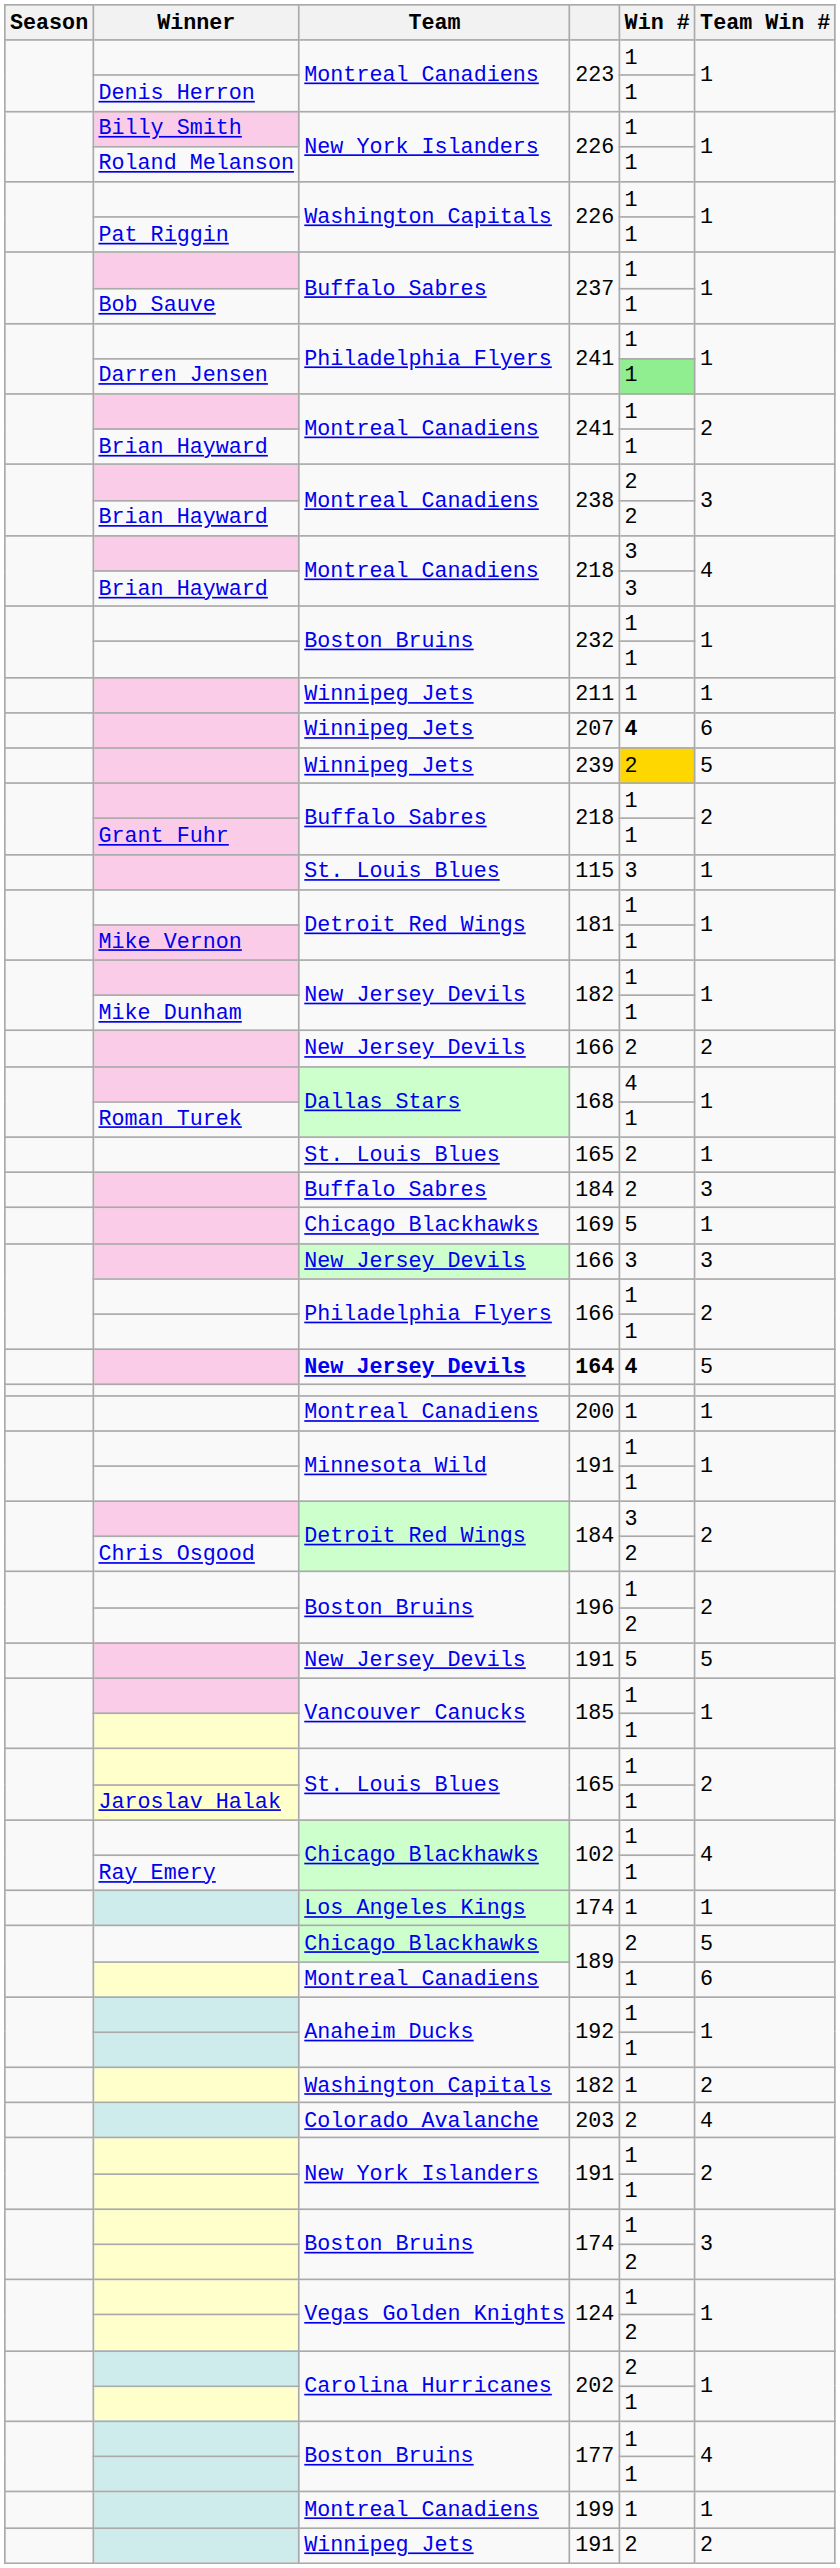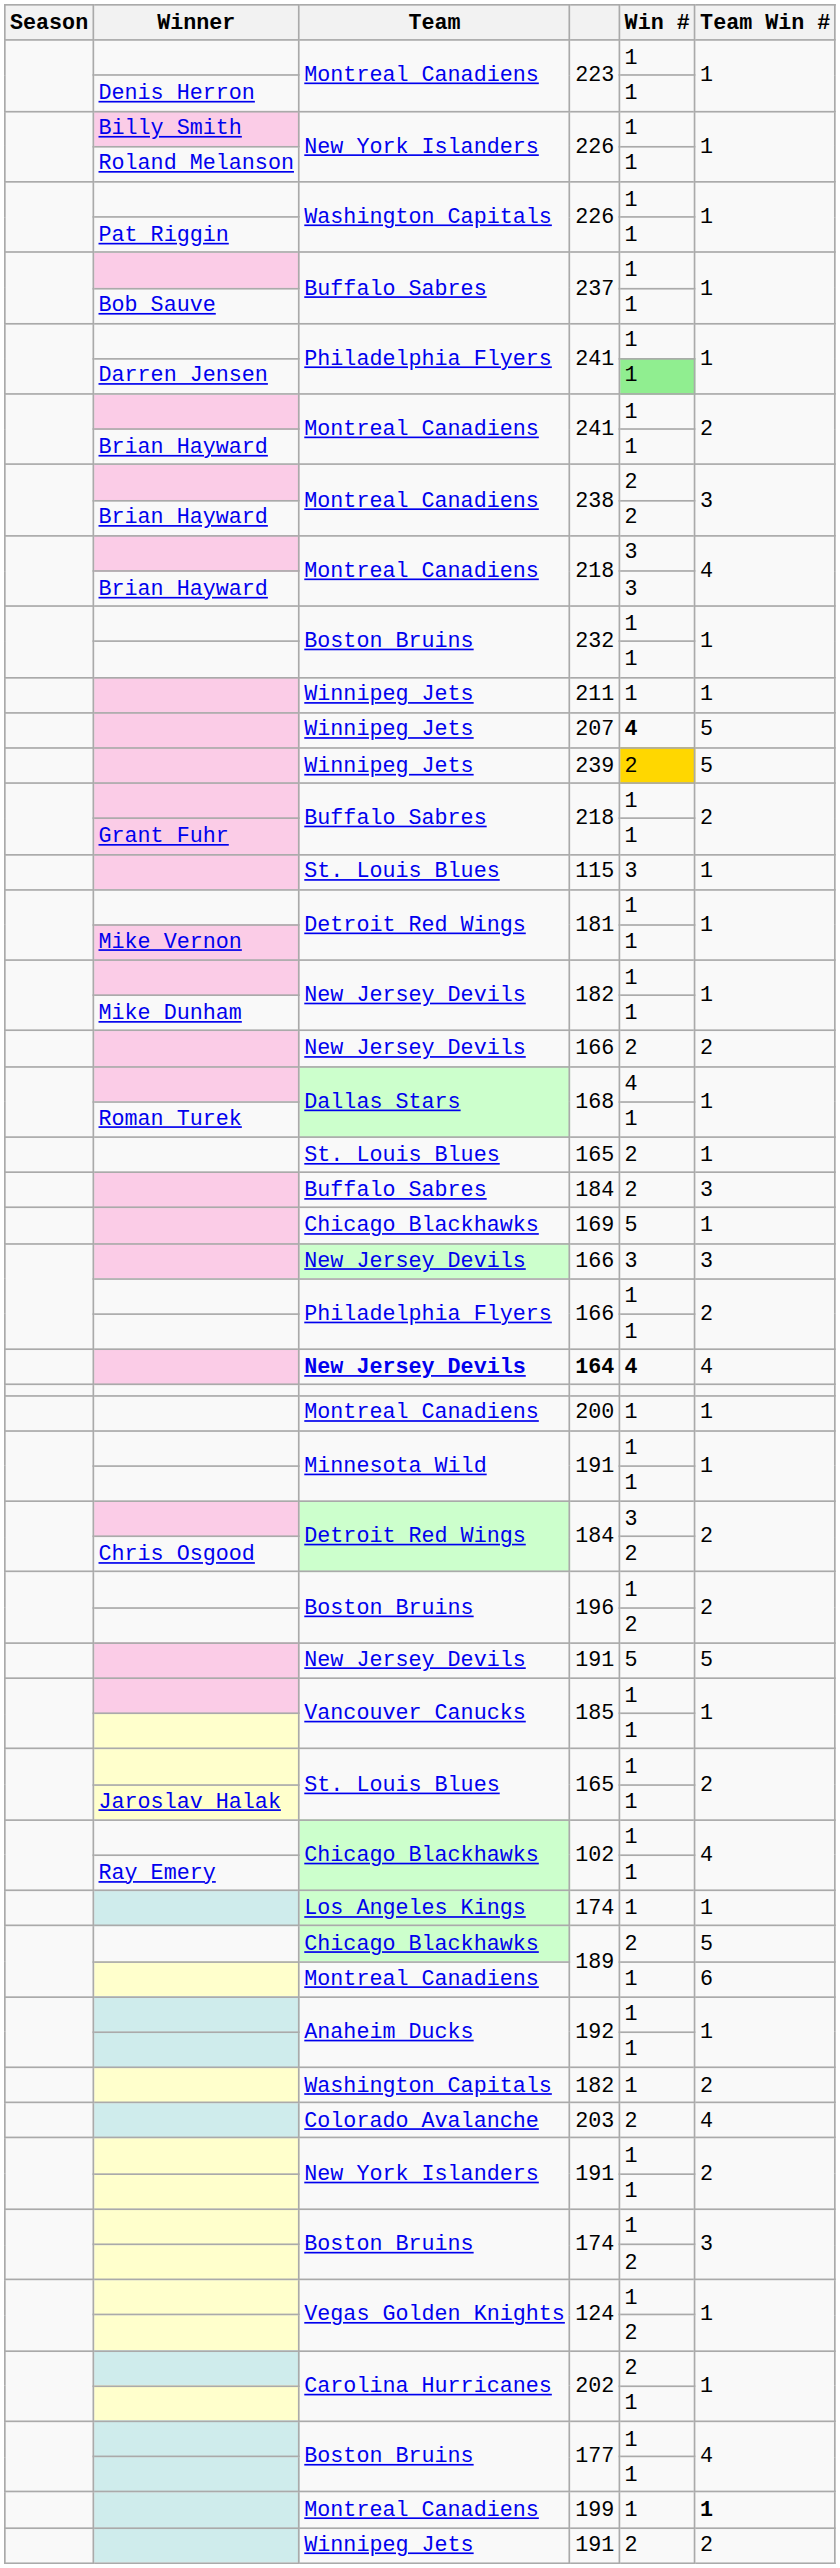 <table class="wikitable sortable">
 <tr>
 <th scope="col">Season</th>
 <th scope="col">Winner</th>
 <th scope="col">Team</th>
 <th scope="col"></th>
 <th scope="col">Win #</th>
 <th scope="col">Team Win #</th>
 </tr>
 <tr>
 <td rowspan=2></td>
 <td></td>
 <td rowspan=2><a href='#'>Montreal Canadiens</a></td>
 <td rowspan=2>223</td>
 <td>1</td>
 <td rowspan="2">1</td>
 </tr>
 <tr>
 <td><a href='#'>Denis Herron</a></td>
 <td>1</td>
 </tr>
 <tr>
 <td rowspan=2></td>
 <td bgcolor="#FBCCE7"><a href='#'>Billy Smith</a></td>
 <td rowspan=2><a href='#'>New York Islanders</a></td>
 <td rowspan=2>226</td>
 <td>1</td>
 <td rowspan="2">1</td>
 </tr>
 <tr>
 <td><a href='#'>Roland Melanson</a></td>
 <td>1</td>
 </tr>
 <tr>
 <td rowspan=2></td>
 <td></td>
 <td rowspan=2><a href='#'>Washington Capitals</a></td>
 <td rowspan=2>226</td>
 <td>1</td>
 <td rowspan="2">1</td>
 </tr>
 <tr>
 <td><a href='#'>Pat Riggin</a></td>
 <td>1</td>
 </tr>
 <tr>
 <td rowspan=2></td>
 <td bgcolor="#FBCCE7"></td>
 <td rowspan=2><a href='#'>Buffalo Sabres</a></td>
 <td rowspan=2>237</td>
 <td>1</td>
 <td rowspan="2">1</td>
 </tr>
 <tr>
 <td><a href='#'>Bob Sauve</a></td>
 <td>1</td>
 </tr>
 <tr>
 <td rowspan=2></td>
 <td></td>
 <td rowspan=2><a href='#'>Philadelphia Flyers</a></td>
 <td rowspan=2>241</td>
 <td>1</td>
 <td rowspan="2">1</td>
 </tr>
 <tr>
 <td><a href='#'>Darren Jensen</a></td>
 <td style="background: lightgreen;">1</td>
 </tr>
 <tr>
 <td rowspan=2></td>
 <td bgcolor="#FBCCE7"></td>
 <td rowspan=2><a href='#'>Montreal Canadiens</a></td>
 <td rowspan=2>241</td>
 <td>1</td>
 <td rowspan="2">2</td>
 </tr>
 <tr>
 <td><a href='#'>Brian Hayward</a></td>
 <td>1</td>
 </tr>
 <tr>
 <td rowspan=2></td>
 <td bgcolor="#FBCCE7"></td>
 <td rowspan=2><a href='#'>Montreal Canadiens</a></td>
 <td rowspan=2>238</td>
 <td>2</td>
 <td rowspan="2">3</td>
 </tr>
 <tr>
 <td><a href='#'>Brian Hayward</a></td>
 <td>2</td>
 </tr>
 <tr>
 <td rowspan=2></td>
 <td bgcolor="#FBCCE7"></td>
 <td rowspan=2><a href='#'>Montreal Canadiens</a></td>
 <td rowspan=2>218</td>
 <td>3</td>
 <td rowspan="2">4</td>
 </tr>
 <tr>
 <td><a href='#'>Brian Hayward</a></td>
 <td>3</td>
 </tr>
 <tr>
 <td rowspan=2></td>
 <td></td>
 <td rowspan=2><a href='#'>Boston Bruins</a></td>
 <td rowspan=2>232</td>
 <td>1</td>
 <td rowspan="2">1</td>
 </tr>
 <tr>
 <td></td>
 <td>1</td>
 </tr>
 <tr>
 <td></td>
 <td bgcolor="#FBCCE7"></td>
 <td><a href='#'>Winnipeg Jets</a></td>
 <td>211</td>
 <td>1</td>
 <td>1</td>
 </tr>
 <tr>
 <td></td>
 <td bgcolor="#FBCCE7"></td>
 <td><a href='#'>Winnipeg Jets</a></td>
 <td>207</td>
 <td><strong>4</strong></td>
-<td>6</td>
+<td>5</td>
 </tr>
 <tr>
 <td></td>
 <td bgcolor="#FBCCE7"></td>
 <td><a href='#'>Winnipeg Jets</a></td>
 <td>239</td>
 <td style="background: gold;">2</td>
 <td>5</td>
 </tr>
 <tr>
 <td rowspan=2></td>
 <td bgcolor="#FBCCE7"></td>
 <td rowspan=2><a href='#'>Buffalo Sabres</a></td>
 <td rowspan=2>218</td>
 <td>1</td>
 <td rowspan="2">2</td>
 </tr>
 <tr>
 <td bgcolor="#FBCCE7"><a href='#'>Grant Fuhr</a></td>
 <td>1</td>
 </tr>
 <tr>
 <td></td>
 <td bgcolor="#FBCCE7"></td>
 <td><a href='#'>St. Louis Blues</a></td>
 <td>115</td>
 <td>3</td>
 <td>1</td>
 </tr>
 <tr>
 <td rowspan=2></td>
 <td></td>
 <td rowspan=2><a href='#'>Detroit Red Wings</a></td>
 <td rowspan=2>181</td>
 <td>1</td>
 <td rowspan="2">1</td>
 </tr>
 <tr>
 <td bgcolor="#FBCCE7"><a href='#'>Mike Vernon</a></td>
 <td>1</td>
 </tr>
 <tr>
 <td rowspan=2></td>
 <td bgcolor="#FBCCE7"></td>
 <td rowspan=2><a href='#'>New Jersey Devils</a></td>
 <td rowspan=2>182</td>
 <td>1</td>
 <td rowspan="2">1</td>
 </tr>
 <tr>
 <td><a href='#'>Mike Dunham</a></td>
 <td>1</td>
 </tr>
 <tr>
 <td></td>
 <td bgcolor="#FBCCE7"></td>
 <td><a href='#'>New Jersey Devils</a></td>
 <td>166</td>
 <td>2</td>
 <td>2</td>
 </tr>
 <tr>
 <td rowspan=2></td>
 <td bgcolor="#FBCCE7"></td>
 <td rowspan=2 bgcolor="#ccffcc"><a href='#'>Dallas Stars</a></td>
 <td rowspan=2>168</td>
 <td>4</td>
 <td rowspan="2">1</td>
 </tr>
 <tr>
 <td><a href='#'>Roman Turek</a></td>
 <td>1</td>
 </tr>
 <tr>
 <td></td>
 <td></td>
 <td><a href='#'>St. Louis Blues</a></td>
 <td>165</td>
 <td>2</td>
 <td>1</td>
 </tr>
 <tr>
 <td></td>
 <td bgcolor="#FBCCE7"></td>
 <td><a href='#'>Buffalo Sabres</a></td>
 <td>184</td>
 <td>2</td>
 <td>3</td>
 </tr>
 <tr>
 <td></td>
 <td bgcolor="#FBCCE7"></td>
 <td><a href='#'>Chicago Blackhawks</a></td>
 <td>169</td>
 <td>5</td>
 <td>1</td>
 </tr>
 <tr>
 <td rowspan=3></td>
 <td bgcolor="#FBCCE7"></td>
 <td bgcolor="#ccffcc"><a href='#'>New Jersey Devils</a></td>
 <td>166</td>
 <td>3</td>
 <td>3</td>
 </tr>
 <tr>
 <td></td>
 <td rowspan=2><a href='#'>Philadelphia Flyers</a></td>
 <td rowspan=2>166</td>
 <td>1</td>
 <td rowspan=2>2</td>
 </tr>
 <tr>
 <td></td>
 <td>1</td>
 </tr>
 <tr>
 <td><strong></strong></td>
 <td bgcolor="#FBCCE7"><strong></strong></td>
 <td><strong><a href='#'>New Jersey Devils</a></strong></td>
 <td><strong>164</strong></td>
 <td><strong>4</strong></td>
-<td>5</td>
+<td>4</td>
 </tr>
 <tr>
 <td></td>
 <td></td>
 <td></td>
 <td></td>
 <td></td>
 <td></td>
 </tr>
 <tr>
 <td></td>
 <td></td>
 <td><a href='#'>Montreal Canadiens</a></td>
 <td>200</td>
 <td>1</td>
 <td>1</td>
 </tr>
 <tr>
 <td rowspan=2></td>
 <td></td>
 <td rowspan=2><a href='#'>Minnesota Wild</a></td>
 <td rowspan=2>191</td>
 <td>1</td>
 <td rowspan="2">1</td>
 </tr>
 <tr>
 <td></td>
 <td>1</td>
 </tr>
 <tr>
 <td rowspan=2></td>
 <td bgcolor="#FBCCE7"></td>
 <td rowspan=2 bgcolor="#ccffcc"><a href='#'>Detroit Red Wings</a></td>
 <td rowspan=2>184</td>
 <td>3</td>
 <td rowspan="2">2</td>
 </tr>
 <tr>
 <td><a href='#'>Chris Osgood</a></td>
 <td>2</td>
 </tr>
 <tr>
 <td rowspan=2></td>
 <td></td>
 <td rowspan=2><a href='#'>Boston Bruins</a></td>
 <td rowspan=2>196</td>
 <td>1</td>
 <td rowspan=2>2</td>
 </tr>
 <tr>
 <td></td>
 <td>2</td>
 </tr>
 <tr>
 <td></td>
 <td bgcolor="#FBCCE7"></td>
 <td><a href='#'>New Jersey Devils</a></td>
 <td>191</td>
 <td>5</td>
 <td>5</td>
 </tr>
 <tr>
 <td rowspan=2></td>
 <td bgcolor="#FBCCE7"></td>
 <td rowspan=2><a href='#'>Vancouver Canucks</a></td>
 <td rowspan=2>185</td>
 <td>1</td>
 <td rowspan=2>1</td>
 </tr>
 <tr>
 <td bgcolor="#ffffcc"></td>
 <td>1</td>
 </tr>
 <tr>
 <td rowspan=2></td>
 <td bgcolor="#ffffcc"></td>
 <td rowspan=2><a href='#'>St. Louis Blues</a></td>
 <td rowspan=2>165</td>
 <td>1</td>
 <td rowspan=2>2</td>
 </tr>
 <tr>
 <td bgcolor="#ffffcc"><a href='#'>Jaroslav Halak</a></td>
 <td>1</td>
 </tr>
 <tr>
 <td rowspan=2></td>
 <td></td>
 <td rowspan=2 bgcolor="#ccffcc"><a href='#'>Chicago Blackhawks</a></td>
 <td rowspan=2>102</td>
 <td>1</td>
 <td rowspan="2">4</td>
 </tr>
 <tr>
 <td><a href='#'>Ray Emery</a></td>
 <td>1</td>
 </tr>
 <tr>
 <td></td>
 <td bgcolor="#CFECEC"></td>
 <td bgcolor="#ccffcc"><a href='#'>Los Angeles Kings</a></td>
 <td>174</td>
 <td>1</td>
 <td>1</td>
 </tr>
 <tr>
 <td rowspan=2></td>
 <td></td>
 <td bgcolor="#ccffcc"><a href='#'>Chicago Blackhawks</a></td>
 <td rowspan=2>189</td>
 <td>2</td>
 <td>5</td>
 </tr>
 <tr>
 <td bgcolor="#ffffcc"></td>
 <td><a href='#'>Montreal Canadiens</a></td>
 <td>1</td>
 <td>6</td>
 </tr>
 <tr>
 <td rowspan=2></td>
 <td bgcolor="#CFECEC"></td>
 <td rowspan=2><a href='#'>Anaheim Ducks</a></td>
 <td rowspan=2>192</td>
 <td>1</td>
 <td rowspan=2>1</td>
 </tr>
 <tr>
 <td bgcolor="#CFECEC"></td>
 <td>1</td>
 </tr>
 <tr>
 <td></td>
 <td bgcolor="#ffffcc"></td>
 <td><a href='#'>Washington Capitals</a></td>
 <td>182</td>
 <td>1</td>
 <td>2</td>
 </tr>
 <tr>
 <td></td>
 <td bgcolor="#CFECEC"></td>
 <td><a href='#'>Colorado Avalanche</a></td>
 <td>203</td>
 <td>2</td>
 <td>4</td>
 </tr>
 <tr>
 <td rowspan=2></td>
 <td bgcolor="#ffffcc"></td>
 <td rowspan=2><a href='#'>New York Islanders</a></td>
 <td rowspan=2>191</td>
 <td>1</td>
 <td rowspan=2>2</td>
 </tr>
 <tr>
 <td bgcolor="#ffffcc"></td>
 <td>1</td>
 </tr>
 <tr>
 <td rowspan=2></td>
 <td bgcolor="#ffffcc"></td>
 <td rowspan=2><a href='#'>Boston Bruins</a></td>
 <td rowspan=2>174</td>
 <td>1</td>
 <td rowspan=2>3</td>
 </tr>
 <tr>
 <td bgcolor="#ffffcc"></td>
 <td>2</td>
 </tr>
 <tr>
 <td rowspan=2></td>
 <td bgcolor="#ffffcc"></td>
 <td rowspan=2><a href='#'>Vegas Golden Knights</a></td>
 <td rowspan=2>124</td>
 <td>1</td>
 <td rowspan=2>1</td>
 </tr>
 <tr>
 <td bgcolor="#ffffcc"></td>
 <td>2</td>
 </tr>
 <tr>
 <td rowspan=2></td>
 <td bgcolor="#CFECEC"></td>
 <td rowspan=2><a href='#'>Carolina Hurricanes</a></td>
 <td rowspan=2>202</td>
 <td>2</td>
 <td rowspan=2>1</td>
 </tr>
 <tr>
 <td bgcolor="#ffffcc"></td>
 <td>1</td>
 </tr>
 <tr>
 <td rowspan=2></td>
 <td bgcolor="#CFECEC"></td>
 <td rowspan=2><a href='#'>Boston Bruins</a></td>
 <td rowspan=2>177</td>
 <td>1</td>
 <td rowspan=2>4</td>
 </tr>
 <tr>
 <td bgcolor="#CFECEC"></td>
 <td>1</td>
 </tr>
 <tr>
 <td></td>
 <td bgcolor="#CFECEC"></td>
 <td><a href='#'>Montreal Canadiens</a></td>
 <td>199</td>
 <td>1</td>
-<td>1</td>
+<td><strong>1</strong></td>
 </tr>
 <tr>
 <td></td>
 <td bgcolor="#CFECEC"></td>
 <td><a href='#'>Winnipeg Jets</a></td>
 <td>191</td>
 <td>2</td>
 <td>2</td>
 </tr>
 </table>
